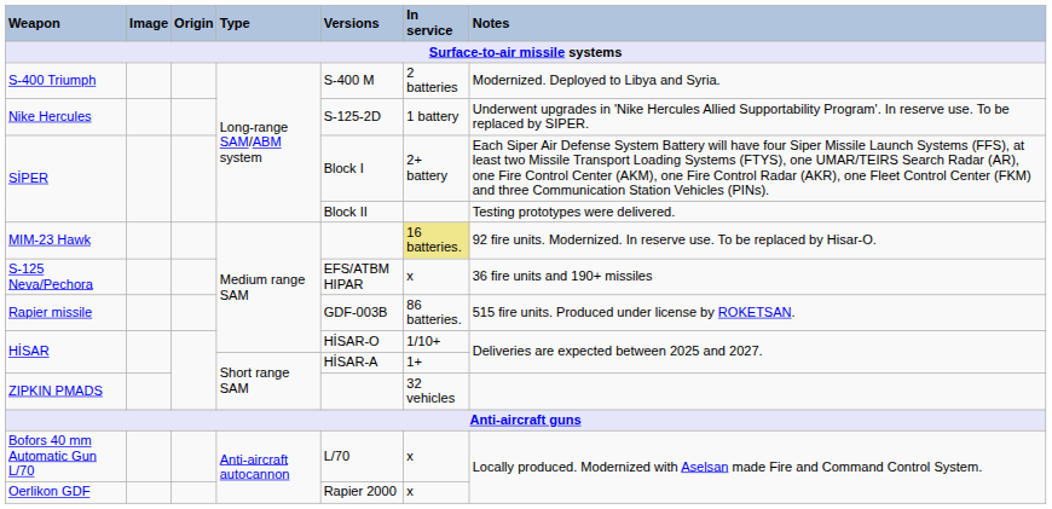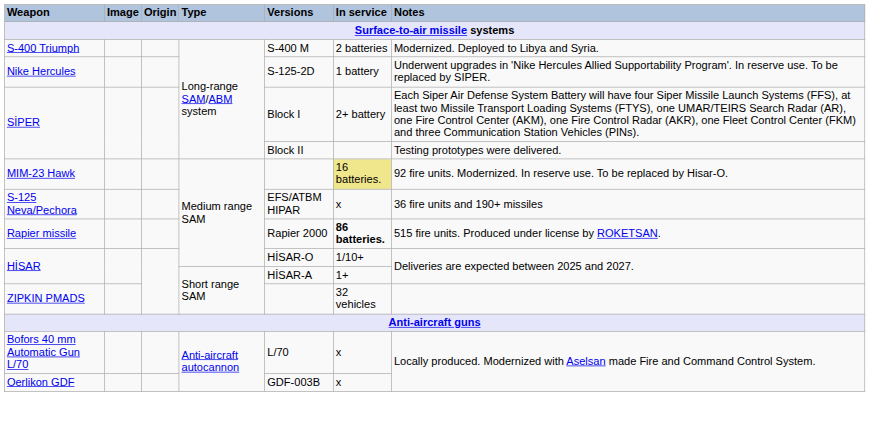 <table class="wikitable"|}>
 <tr>
 <th style="text-align: left; background: lightsteelblue;">Weapon</th>
 <th style="text-align: left; background: lightsteelblue;">Image</th>
 <th style="text-align: left; background: lightsteelblue;">Origin</th>
 <th style="text-align: left; background: lightsteelblue;">Type</th>
 <th style="text-align: left; background: lightsteelblue;">Versions</th>
 <th style="text-align: left; background: lightsteelblue;">In service</th>
 <th style="text-align: left; background: lightsteelblue;">Notes</th>
 </tr>
 <tr>
 <th colspan="7" style="align: center; background: lavender;"><a href='#'>Surface-to-air missile</a> systems</th>
 </tr>
 <tr>
 <td><a href='#'>S-400 Triumph</a></td>
 <td></td>
 <td></td>
 <td rowspan="4">Long-range <a href='#'>SAM</a>/<a href='#'>ABM</a> system</td>
 <td>S-400 M</td>
 <td>2 batteries</td>
 <td>Modernized. Deployed to Libya and Syria.</td>
 </tr>
 <tr>
 <td><a href='#'>Nike Hercules</a></td>
 <td></td>
 <td></td>
 <td>S-125-2D</td>
 <td>1 battery</td>
 <td>Underwent upgrades in 'Nike Hercules Allied Supportability Program'. In reserve use. To be replaced by SIPER.</td>
 </tr>
 <tr>
 <td rowspan="2"><a href='#'>SİPER</a></td>
 <td rowspan="2"></td>
 <td rowspan="2"></td>
 <td>Block I</td>
 <td>2+ battery</td>
 <td>Each Siper Air Defense System Battery will have four Siper Missile Launch Systems (FFS), at least two Missile Transport Loading Systems (FTYS), one UMAR/TEIRS Search Radar (AR), one Fire Control Center (AKM), one Fire Control Radar (AKR), one Fleet Control Center (FKM) and three Communication Station Vehicles (PINs).</td>
 </tr>
 <tr>
 <td>Block II</td>
 <td></td>
 <td>Testing prototypes were delivered.</td>
 </tr>
 <tr>
 <td><a href='#'>MIM-23 Hawk</a></td>
 <td></td>
 <td></td>
 <td rowspan="4">Medium range SAM</td>
 <td></td>
 <td style="background: khaki;">16 batteries.</td>
 <td>92 fire units. Modernized. In reserve use. To be replaced by Hisar-O.</td>
 </tr>
 <tr>
 <td><a href='#'>S-125 Neva/Pechora</a></td>
 <td></td>
 <td><br></td>
 <td>EFS/ATBM HIPAR</td>
 <td>x</td>
 <td>36 fire units and 190+ missiles</td>
 </tr>
 <tr>
 <td><a href='#'>Rapier missile</a></td>
 <td></td>
 <td></td>
-<td>GDF-003B</td>
-<td>86 batteries.</td>
+<td>Rapier 2000</td>
+<td><strong>86 batteries.</strong></td>
 <td>515 fire units. Produced under license by <a href='#'>ROKETSAN</a>.</td>
 </tr>
 <tr>
 <td rowspan="2"><a href='#'>HİSAR</a></td>
 <td rowspan="2"></td>
 <td rowspan="3"></td>
 <td>HİSAR-O</td>
 <td>1/10+</td>
 <td rowspan="2">Deliveries are expected between 2025 and 2027.</td>
 </tr>
 <tr>
 <td rowspan="2">Short range SAM</td>
 <td>HİSAR-A</td>
 <td>1+</td>
 </tr>
 <tr>
 <td><a href='#'>ZIPKIN PMADS</a></td>
 <td></td>
 <td></td>
 <td>32 vehicles</td>
 <td></td>
 </tr>
 <tr>
 <th colspan="7" style="align: center; background: lavender;"><a href='#'>Anti-aircraft guns</a></th>
 </tr>
 <tr>
 <td><a href='#'>Bofors 40&nbsp;mm Automatic Gun L/70</a></td>
 <td></td>
 <td><br></td>
 <td rowspan="2"><a href='#'>Anti-aircraft</a> <a href='#'>autocannon</a></td>
 <td>L/70</td>
 <td>x</td>
 <td rowspan="2">Locally produced. Modernized with <a href='#'>Aselsan</a> made Fire and Command Control System.</td>
 </tr>
 <tr>
 <td><a href='#'>Oerlikon GDF</a></td>
 <td></td>
 <td><br></td>
-<td>Rapier 2000</td>
+<td>GDF-003B</td>
 <td>x</td>
 </tr>
 </table>
